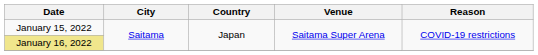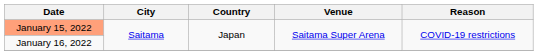 <table class="wikitable" style="text-align:center;">
 <tr>
 <th scope="col" style="width:12em;">Date</th>
 <th scope="col" style="width:10em;">City</th>
 <th scope="col" style="width:10em;">Country</th>
 <th scope="col" style="width:16em;">Venue</th>
 <th scope="col" style="width:16em;">Reason</th>
 </tr>
 <tr>
-<td>January 15, 2022</td>
+<td style="background: lightsalmon;">January 15, 2022</td>
 <td rowspan="2"><a href='#'>Saitama</a></td>
 <td rowspan="2">Japan</td>
 <td rowspan="2"><a href='#'>Saitama Super Arena</a></td>
 <td rowspan="2"><a href='#'>COVID-19 restrictions</a></td>
 </tr>
 <tr>
-<td style="background: khaki;">January 16, 2022</td>
+<td>January 16, 2022</td>
 </tr>
 <tr>
 </tr>
 </table>
